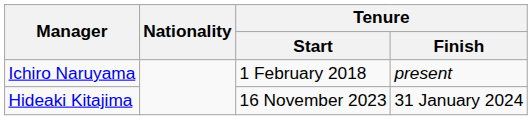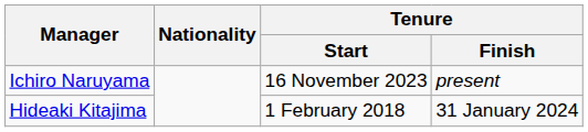 <table class="wikitable">
 <tr>
 <th rowspan="2">Manager</th>
 <th rowspan="2">Nationality</th>
 <th colspan="2">Tenure  </th>
 </tr>
 <tr>
 <th>Start</th>
 <th>Finish </th>
 </tr>
 <tr>
 <td><a href='#'>Ichiro Naruyama</a></td>
 <td rowspan="2"></td>
-<td>1 February 2018</td>
+<td>16 November 2023</td>
 <td><em>present</em><br></td>
 </tr>
 <tr>
 <td><a href='#'>Hideaki Kitajima</a></td>
-<td>16 November 2023</td>
+<td>1 February 2018</td>
 <td>31 January 2024<br></td>
 </tr>
 </table>
